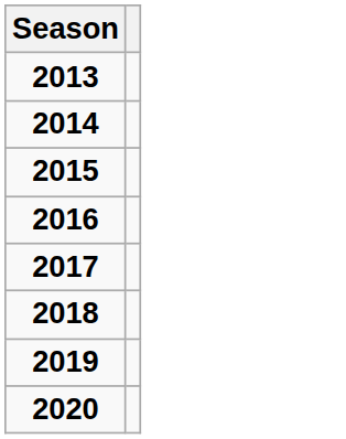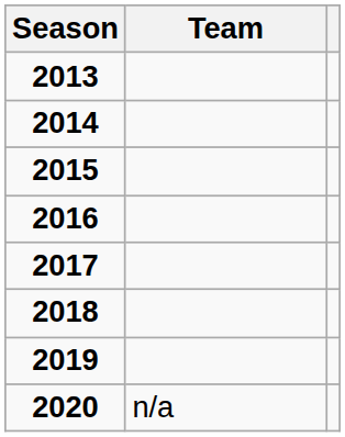 <table class="wikitable sortable" style="font-size:100%; text-align:center;">
 <tr>
 <th>Season</th>
+<th width=100>Team</th>
 <th></th>
 </tr>
 <tr>
 <td><strong>2013</strong></td>
+<td align=left></td>
 <td></td>
 </tr>
 <tr>
 <td><strong>2014</strong></td>
+<td align=left></td>
 <td></td>
 </tr>
 <tr>
 <td><strong>2015</strong></td>
+<td align=left></td>
 <td></td>
 </tr>
 <tr>
 <td><strong>2016</strong></td>
+<td align=left></td>
 <td></td>
 </tr>
 <tr>
 <td><strong>2017</strong></td>
+<td align=left></td>
 <td></td>
 </tr>
 <tr>
 <td><strong>2018</strong></td>
+<td align=left></td>
 <td></td>
 </tr>
 <tr>
 <td><strong>2019</strong></td>
+<td align=left></td>
 <td></td>
 </tr>
 <tr>
 <td><strong>2020</strong></td>
+<td align=left>n/a</td>
 <td></td>
 </tr>
 </table>
